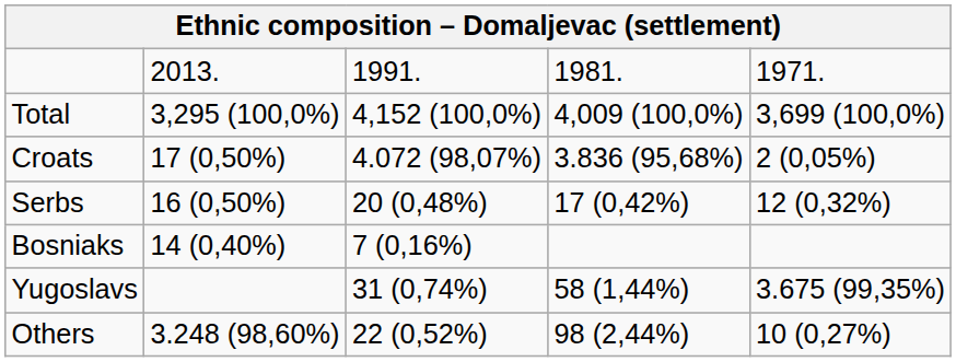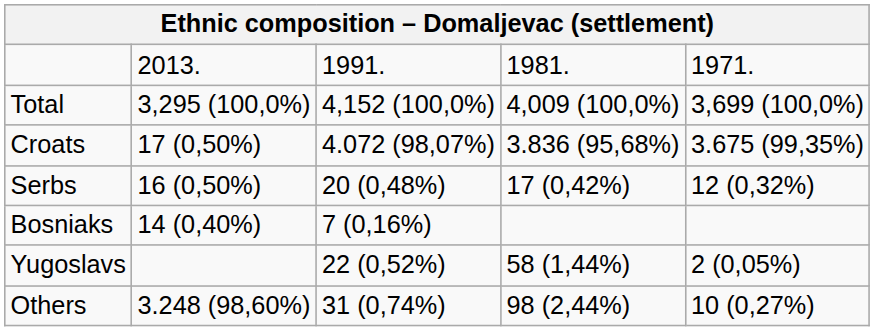 <table class="wikitable">
 <tr>
 <th colspan="10">Ethnic composition – Domaljevac (settlement)</th>
 </tr>
 <tr>
 <td></td>
 <td>2013.</td>
 <td>1991.</td>
 <td>1981.</td>
 <td>1971.</td>
 </tr>
 <tr>
 <td>Total</td>
 <td>3,295 (100,0%)</td>
 <td>4,152 (100,0%)</td>
 <td>4,009 (100,0%)</td>
 <td>3,699 (100,0%)</td>
 </tr>
 <tr>
 <td>Croats</td>
 <td>17 (0,50%)</td>
 <td>4.072 (98,07%)</td>
 <td>3.836 (95,68%)</td>
-<td>2 (0,05%)</td>
+<td>3.675 (99,35%)</td>
 </tr>
 <tr>
 <td>Serbs</td>
 <td>16 (0,50%)</td>
 <td>20 (0,48%)</td>
 <td>17 (0,42%)</td>
 <td>12 (0,32%)</td>
 </tr>
 <tr>
 <td>Bosniaks</td>
 <td>14 (0,40%)</td>
 <td>7 (0,16%)</td>
 <td></td>
 <td></td>
 </tr>
 <tr>
 <td>Yugoslavs</td>
 <td></td>
-<td>31 (0,74%)</td>
+<td>22 (0,52%)</td>
 <td>58 (1,44%)</td>
-<td>3.675 (99,35%)</td>
+<td>2 (0,05%)</td>
 </tr>
 <tr>
 <td>Others</td>
 <td>3.248 (98,60%)</td>
-<td>22 (0,52%)</td>
+<td>31 (0,74%)</td>
 <td>98 (2,44%)</td>
 <td>10 (0,27%)</td>
 </tr>
 </table>
